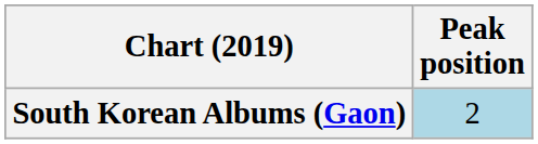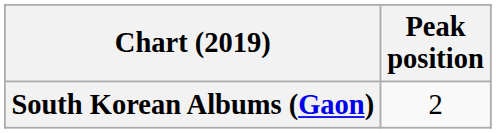 <table class="wikitable plainrowheaders" style="text-align:center;">
 <tr>
 <th scope="col">Chart (2019)</th>
 <th scope="col">Peak<br>position</th>
 </tr>
 <tr>
 <th scope="row">South Korean Albums (<a href='#'>Gaon</a>)</th>
-<td style="background: lightblue;">2</td>
+<td>2</td>
 </tr>
 </table>
